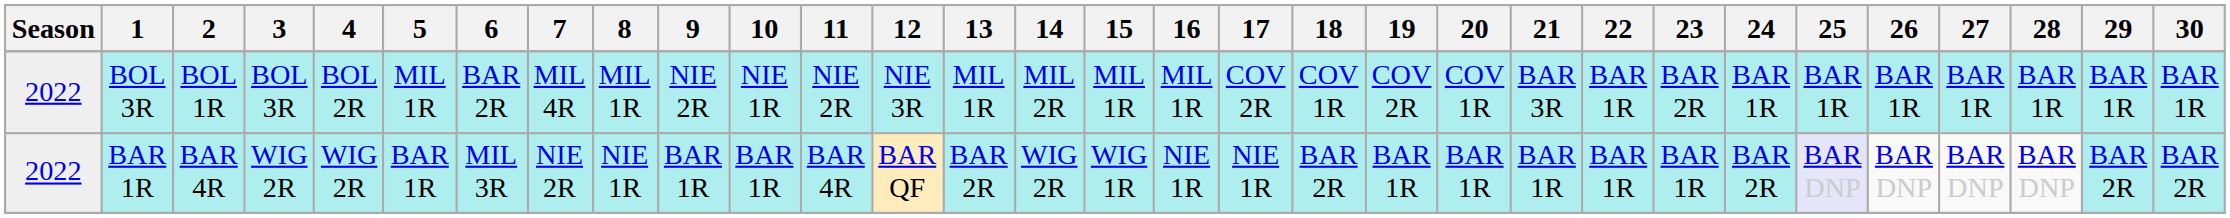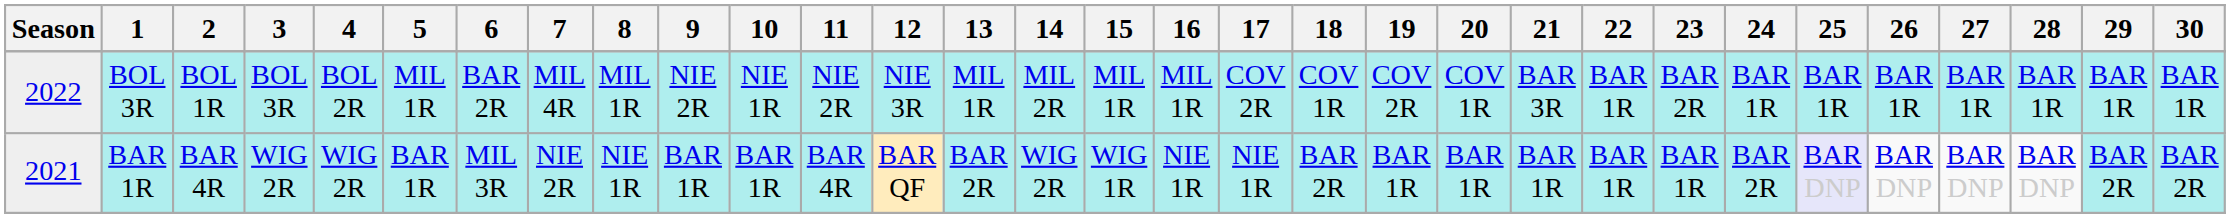 <table class="wikitable" style="width:20%; margin:0; font-size:84%">
 <tr>
 <th>Season</th>
 <th>1</th>
 <th>2</th>
 <th>3</th>
 <th>4</th>
 <th>5</th>
 <th>6</th>
 <th>7</th>
 <th>8</th>
 <th>9</th>
 <th>10</th>
 <th>11</th>
 <th>12</th>
 <th>13</th>
 <th>14</th>
 <th>15</th>
 <th>16</th>
 <th>17</th>
 <th>18</th>
 <th>19</th>
 <th>20</th>
 <th>21</th>
 <th>22</th>
 <th>23</th>
 <th>24</th>
 <th>25</th>
 <th>26</th>
 <th>27</th>
 <th>28</th>
 <th>29</th>
 <th>30</th>
 </tr>
 <tr>
 </tr>
 <tr>
 <td style="text-align:center; background:#efefef;"><a href='#'>2022</a></td>
 <td style="text-align:center; background:#afeeee;"><a href='#'>BOL</a><br>3R</td>
 <td style="text-align:center; background:#afeeee;"><a href='#'>BOL</a><br>1R</td>
 <td style="text-align:center; background:#afeeee;"><a href='#'>BOL</a><br>3R</td>
 <td style="text-align:center; background:#afeeee;"><a href='#'>BOL</a><br>2R</td>
 <td style="text-align:center; background:#afeeee;"><a href='#'>MIL</a><br>1R</td>
 <td style="text-align:center; background:#afeeee;"><a href='#'>BAR</a><br>2R</td>
 <td style="text-align:center; background:#afeeee;"><a href='#'>MIL</a><br>4R</td>
 <td style="text-align:center; background:#afeeee;"><a href='#'>MIL</a><br>1R</td>
 <td style="text-align:center; background:#afeeee;"><a href='#'>NIE</a><br>2R</td>
 <td style="text-align:center; background:#afeeee;"><a href='#'>NIE</a><br>1R</td>
 <td style="text-align:center; background:#afeeee;"><a href='#'>NIE</a><br>2R</td>
 <td style="text-align:center; background:#afeeee;"><a href='#'>NIE</a><br>3R</td>
 <td style="text-align:center; background:#afeeee;"><a href='#'>MIL</a><br>1R</td>
 <td style="text-align:center; background:#afeeee;"><a href='#'>MIL</a><br>2R</td>
 <td style="text-align:center; background:#afeeee;"><a href='#'>MIL</a><br>1R</td>
 <td style="text-align:center; background:#afeeee;"><a href='#'>MIL</a><br>1R</td>
 <td style="text-align:center; background:#afeeee;"><a href='#'>COV</a><br>2R</td>
 <td style="text-align:center; background:#afeeee;"><a href='#'>COV</a><br>1R</td>
 <td style="text-align:center; background:#afeeee;"><a href='#'>COV</a><br>2R</td>
 <td style="text-align:center; background:#afeeee;"><a href='#'>COV</a><br>1R</td>
 <td style="text-align:center; background:#afeeee;"><a href='#'>BAR</a><br>3R</td>
 <td style="text-align:center; background:#afeeee;"><a href='#'>BAR</a><br>1R</td>
 <td style="text-align:center; background:#afeeee;"><a href='#'>BAR</a><br>2R</td>
 <td style="text-align:center; background:#afeeee;"><a href='#'>BAR</a><br>1R</td>
 <td style="text-align:center; background:#afeeee;"><a href='#'>BAR</a><br>1R</td>
 <td style="text-align:center; background:#afeeee;"><a href='#'>BAR</a><br>1R</td>
 <td style="text-align:center; background:#afeeee;"><a href='#'>BAR</a><br>1R</td>
 <td style="text-align:center; background:#afeeee;"><a href='#'>BAR</a><br>1R</td>
 <td style="text-align:center; background:#afeeee;"><a href='#'>BAR</a><br>1R</td>
 <td style="text-align:center; background:#afeeee;"><a href='#'>BAR</a><br>1R</td>
 </tr>
 <tr>
-<td style="text-align:center; background:#efefef;"><a href='#'>2022</a></td>
+<td style="text-align:center; background:#efefef;"><a href='#'>2021</a></td>
 <td style="text-align:center; background:#afeeee;"><a href='#'>BAR</a><br>1R</td>
 <td style="text-align:center; background:#afeeee;"><a href='#'>BAR</a><br>4R</td>
 <td style="text-align:center; background:#afeeee;"><a href='#'>WIG</a><br>2R</td>
 <td style="text-align:center; background:#afeeee;"><a href='#'>WIG</a><br>2R</td>
 <td style="text-align:center; background:#afeeee;"><a href='#'>BAR</a><br>1R</td>
 <td style="text-align:center; background:#afeeee;"><a href='#'>MIL</a><br>3R</td>
 <td style="text-align:center; background:#afeeee;"><a href='#'>NIE</a><br>2R</td>
 <td style="text-align:center; background:#afeeee;"><a href='#'>NIE</a><br>1R</td>
 <td style="text-align:center; background:#afeeee;"><a href='#'>BAR</a><br>1R</td>
 <td style="text-align:center; background:#afeeee;"><a href='#'>BAR</a><br>1R</td>
 <td style="text-align:center; background:#afeeee;"><a href='#'>BAR</a><br>4R</td>
 <td style="text-align:center; background:#ffecbd;"><a href='#'>BAR</a><br>QF</td>
 <td style="text-align:center; background:#afeeee;"><a href='#'>BAR</a><br>2R</td>
 <td style="text-align:center; background:#afeeee;"><a href='#'>WIG</a><br>2R</td>
 <td style="text-align:center; background:#afeeee;"><a href='#'>WIG</a><br>1R</td>
 <td style="text-align:center; background:#afeeee;"><a href='#'>NIE</a><br>1R</td>
 <td style="text-align:center; background:#afeeee;"><a href='#'>NIE</a><br>1R</td>
 <td style="text-align:center; background:#afeeee;"><a href='#'>BAR</a><br>2R</td>
 <td style="text-align:center; background:#afeeee;"><a href='#'>BAR</a><br>1R</td>
 <td style="text-align:center; background:#afeeee;"><a href='#'>BAR</a><br>1R</td>
 <td style="text-align:center; background:#afeeee;"><a href='#'>BAR</a><br>1R</td>
 <td style="text-align:center; background:#afeeee;"><a href='#'>BAR</a><br>1R</td>
 <td style="text-align:center; background:#afeeee;"><a href='#'>BAR</a><br>1R</td>
 <td style="text-align:center; background:#afeeee;"><a href='#'>BAR</a><br>2R</td>
 <td style="background: lavender; text-align:center; color:#ccc;"><a href='#'>BAR</a><br>DNP</td>
 <td style="text-align:center; color:#ccc;"><a href='#'>BAR</a><br>DNP</td>
 <td style="text-align:center; color:#ccc;"><a href='#'>BAR</a><br>DNP</td>
 <td style="text-align:center; color:#ccc;"><a href='#'>BAR</a><br>DNP</td>
 <td style="text-align:center; background:#afeeee;"><a href='#'>BAR</a><br>2R</td>
 <td style="text-align:center; background:#afeeee;"><a href='#'>BAR</a><br>2R</td>
 </tr>
 <tr>
 </tr>
 </table>
